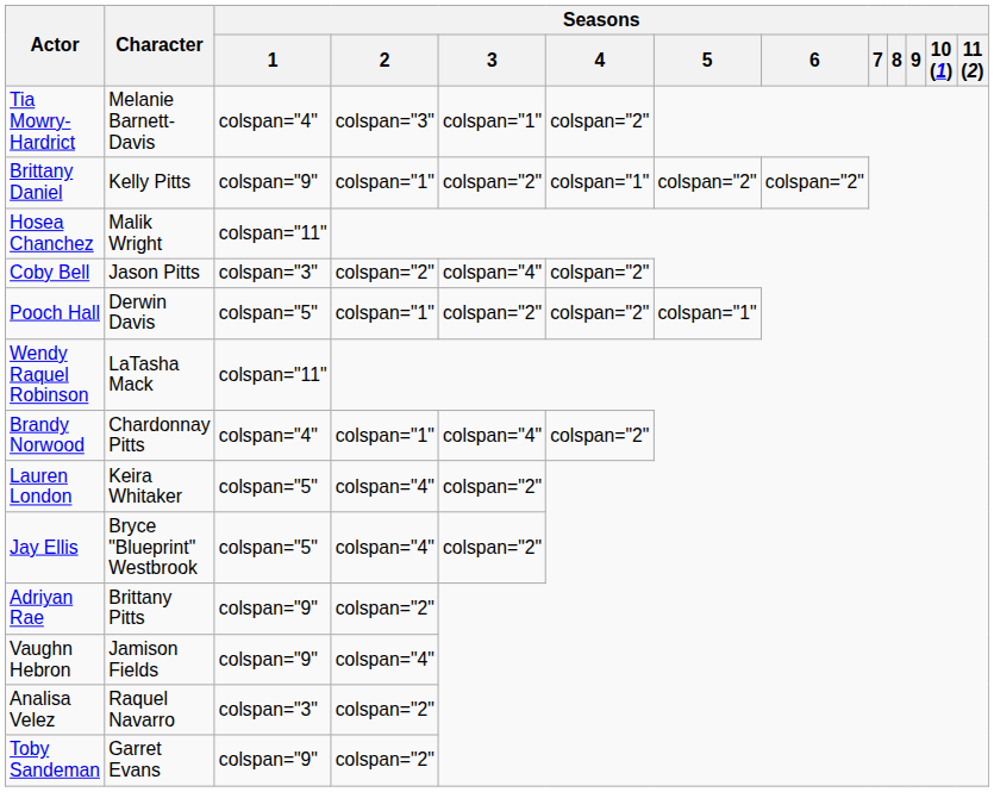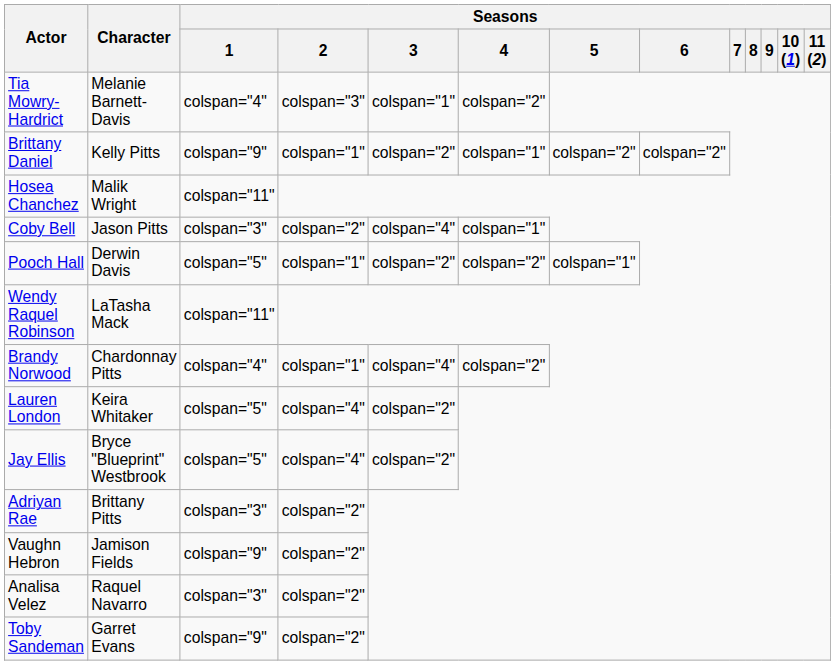 <table class="wikitable">
 <tr>
 <th rowspan="2">Actor</th>
 <th rowspan="2">Character</th>
 <th colspan="11">Seasons</th>
 </tr>
 <tr>
 <th style="width:8%;">1</th>
 <th style="width:8%;">2</th>
 <th style="width:8%;">3</th>
 <th style="width:8%;">4</th>
 <th style="width:8%;">5</th>
 <th style="width:8%;">6</th>
 <th style="width:8%;">7</th>
 <th style="width:8%;">8</th>
 <th style="width:8%;">9</th>
 <th style="width:8%;">10 (<em><a href='#'>1</a></em>)</th>
 <th style="width:8%;">11 (<em>2</em>)</th>
 </tr>
 <tr>
 <td><a href='#'>Tia Mowry-Hardrict</a></td>
 <td>Melanie Barnett-Davis</td>
 <td>colspan="4" </td>
 <td>colspan="3" </td>
 <td>colspan="1" </td>
 <td>colspan="2" </td>
 </tr>
 <tr>
 <td><a href='#'>Brittany Daniel</a></td>
 <td>Kelly Pitts</td>
 <td>colspan="9" </td>
 <td>colspan="1" </td>
 <td>colspan="2" </td>
 <td>colspan="1" </td>
 <td>colspan="2" </td>
 <td>colspan="2" </td>
 </tr>
 <tr>
 <td><a href='#'>Hosea Chanchez</a></td>
 <td>Malik Wright</td>
 <td>colspan="11" </td>
 </tr>
 <tr>
 <td><a href='#'>Coby Bell</a></td>
 <td>Jason Pitts</td>
 <td>colspan="3" </td>
 <td>colspan="2" </td>
 <td>colspan="4" </td>
-<td>colspan="2" </td>
+<td>colspan="1" </td>
 </tr>
 <tr>
 <td><a href='#'>Pooch Hall</a></td>
 <td>Derwin Davis</td>
 <td>colspan="5" </td>
 <td>colspan="1" </td>
 <td>colspan="2" </td>
 <td>colspan="2" </td>
 <td>colspan="1" </td>
 </tr>
 <tr>
 <td><a href='#'>Wendy Raquel Robinson</a></td>
 <td>LaTasha Mack</td>
 <td>colspan="11" </td>
 </tr>
 <tr>
 <td><a href='#'>Brandy Norwood</a></td>
 <td>Chardonnay Pitts</td>
 <td>colspan="4" </td>
 <td>colspan="1" </td>
 <td>colspan="4" </td>
 <td>colspan="2" </td>
 </tr>
 <tr>
 <td><a href='#'>Lauren London</a></td>
 <td>Keira Whitaker</td>
 <td>colspan="5" </td>
 <td>colspan="4" </td>
 <td>colspan="2" </td>
 </tr>
 <tr>
 <td><a href='#'>Jay Ellis</a></td>
 <td>Bryce "Blueprint" Westbrook</td>
 <td>colspan="5" </td>
 <td>colspan="4" </td>
 <td>colspan="2" </td>
 </tr>
 <tr>
 <td><a href='#'>Adriyan Rae</a></td>
 <td>Brittany Pitts</td>
-<td>colspan="9" </td>
+<td>colspan="3" </td>
 <td>colspan="2" </td>
 </tr>
 <tr>
 <td>Vaughn Hebron</td>
 <td>Jamison Fields</td>
 <td>colspan="9" </td>
-<td>colspan="4" </td>
+<td>colspan="2" </td>
 </tr>
 <tr>
 <td>Analisa Velez</td>
 <td>Raquel Navarro</td>
 <td>colspan="3" </td>
 <td>colspan="2" </td>
 </tr>
 <tr>
 <td><a href='#'>Toby Sandeman</a></td>
 <td>Garret Evans</td>
 <td>colspan="9" </td>
 <td>colspan="2" </td>
 </tr>
 </table>
